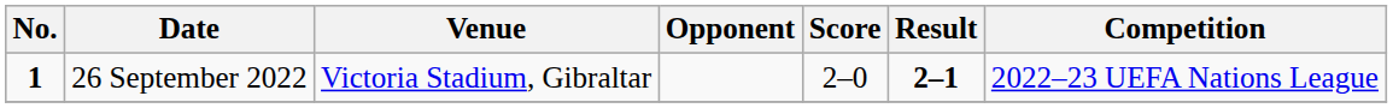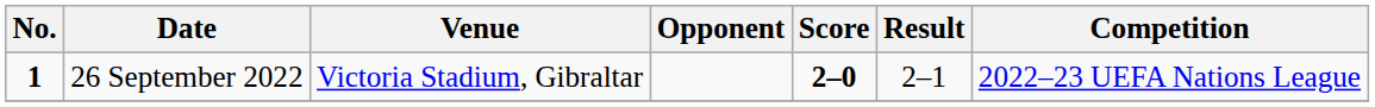 <table class="wikitable sortable">
 <tr>
 <th scope="col">No.</th>
 <th scope="col">Date</th>
 <th scope="col">Venue</th>
 <th scope="col">Opponent</th>
 <th scope="col">Score</th>
 <th scope="col">Result</th>
 <th scope="col">Competition</th>
 </tr>
 <tr>
 <td style="text-align:center"><strong>1</strong></td>
 <td>26 September 2022</td>
 <td><a href='#'>Victoria Stadium</a>, Gibraltar</td>
 <td></td>
-<td style="text-align:center">2–0</td>
-<td style="text-align:center"><strong>2–1</strong></td>
+<td style="text-align:center"><strong>2–0</strong></td>
+<td style="text-align:center">2–1</td>
 <td><a href='#'>2022–23 UEFA Nations League</a></td>
 </tr>
 <tr>
 </tr>
 </table>
